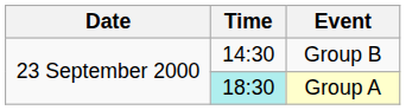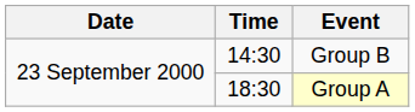 <table class = "wikitable" style="text-align:center;">
 <tr>
 <th width=150>Date</th>
 <th width=50>Time</th>
 <th width=80>Event</th>
 </tr>
 <tr>
 <td rowspan=2>23 September 2000</td>
 <td>14:30</td>
 <td>Group B</td>
 </tr>
 <tr>
-<td style="background: paleturquoise;">18:30</td>
+<td>18:30</td>
 <td bgcolor=ffffcc>Group A</td>
 </tr>
 </table>
